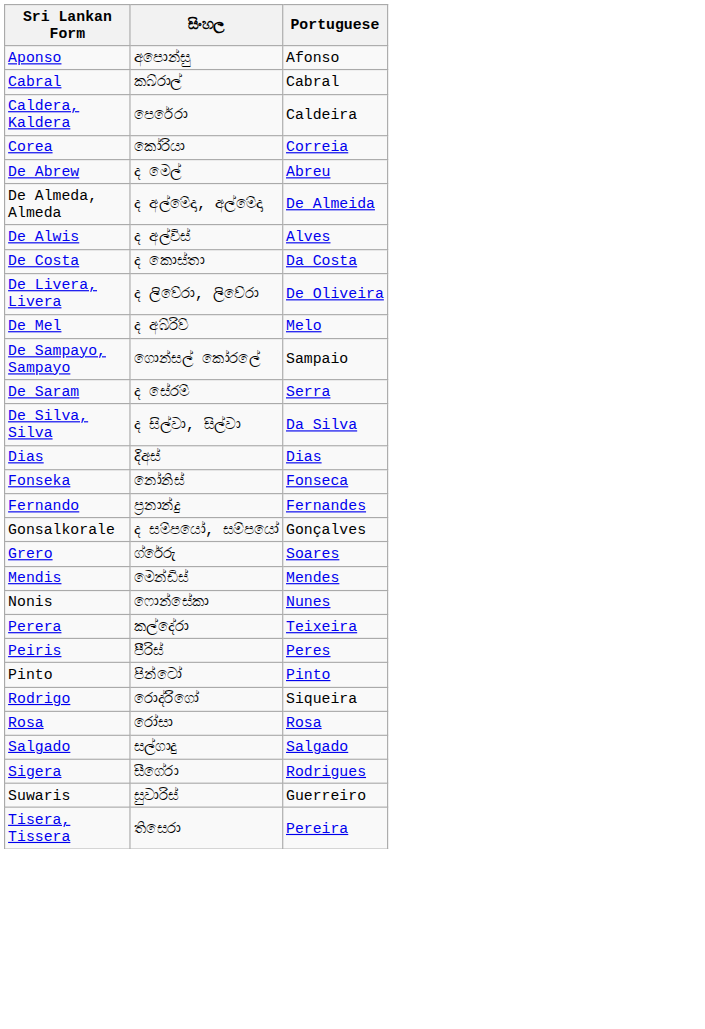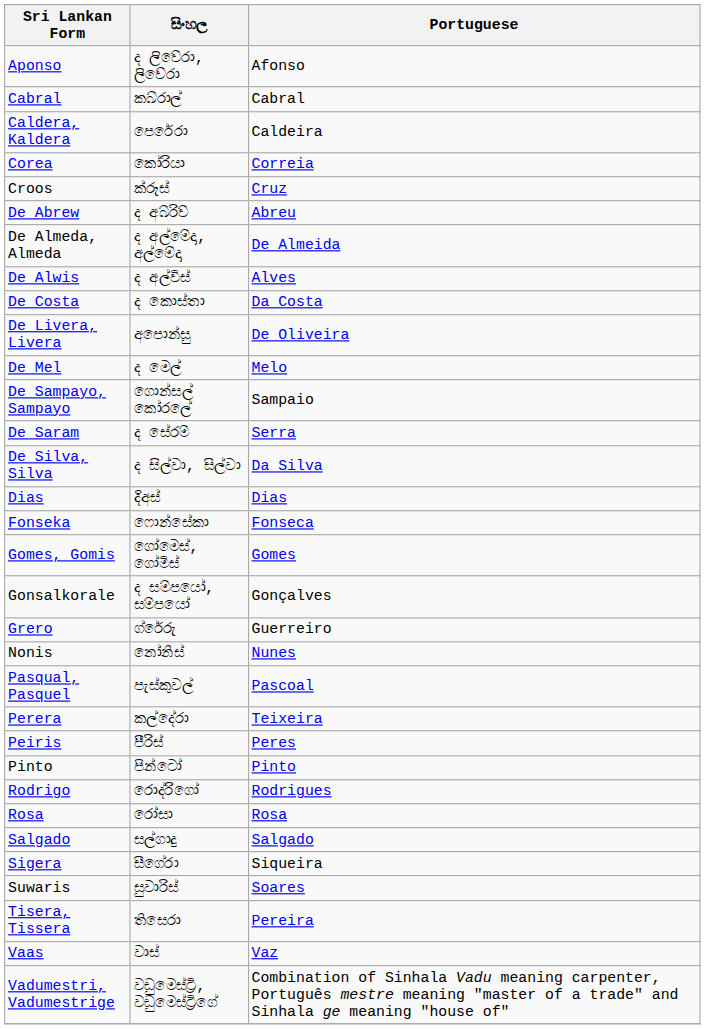 <table class="wikitable">
 <tr>
 <th>Sri Lankan Form</th>
 <th>සිංහල</th>
 <th>Portuguese</th>
 </tr>
 <tr>
 <td><a href='#'>Aponso</a></td>
-<td>අපොන්සු</td>
+<td>ද ලිවේරා, ලිවේරා</td>
 <td>Afonso</td>
 </tr>
 <tr>
 <td style="width:08em"><a href='#'>Cabral</a></td>
 <td>කබ්රාල්</td>
 <td>Cabral</td>
 </tr>
 <tr>
 <td><a href='#'>Caldera, Kaldera</a></td>
 <td>පෙරේරා</td>
 <td>Caldeira</td>
 </tr>
 <tr>
 <td><a href='#'>Corea</a></td>
 <td>කෝරියා</td>
 <td><a href='#'>Correia</a></td>
 </tr>
 <tr>
+<td>Croos</td>
+<td>ක්රූස්</td>
+<td><a href='#'>Cruz</a></td>
+</tr>
+<tr>
 <td><a href='#'>De Abrew</a></td>
-<td>ද මෙල්</td>
+<td>ද අබ්රිව්</td>
 <td><a href='#'>Abreu</a></td>
 </tr>
 <tr>
 <td>De Almeda, Almeda</td>
 <td>ද අල්මේදා, අල්මේදා</td>
 <td><a href='#'>De Almeida</a></td>
 </tr>
 <tr>
 <td><a href='#'>De Alwis</a></td>
 <td>ද අල්විස්</td>
 <td><a href='#'>Alves</a></td>
 </tr>
 <tr>
 <td><a href='#'>De Costa</a></td>
 <td>ද කොස්තා</td>
 <td><a href='#'>Da Costa</a></td>
 </tr>
 <tr>
 <td><a href='#'>De Livera, Livera</a></td>
-<td>ද ලිවේරා, ලිවේරා</td>
+<td>අපොන්සු</td>
 <td><a href='#'>De Oliveira</a></td>
 </tr>
 <tr>
 <td><a href='#'>De Mel</a></td>
-<td>ද අබ්රිව්</td>
+<td>ද මෙල්</td>
 <td><a href='#'>Melo</a></td>
 </tr>
 <tr>
 <td><a href='#'>De Sampayo, Sampayo</a></td>
 <td>ගොන්සල් කෝරලේ</td>
 <td>Sampaio</td>
 </tr>
 <tr>
 <td><a href='#'>De Saram</a></td>
 <td>ද සේරම්</td>
 <td><a href='#'>Serra</a></td>
 </tr>
 <tr>
 <td><a href='#'>De Silva, Silva</a></td>
 <td>ද සිල්වා, සිල්වා</td>
 <td><a href='#'>Da Silva</a></td>
 </tr>
 <tr>
 <td><a href='#'>Dias</a></td>
 <td>දිඅස්</td>
 <td><a href='#'>Dias</a></td>
 </tr>
 <tr>
 <td><a href='#'>Fonseka</a></td>
-<td>නෝනිස්</td>
+<td>ෆොන්සේකා</td>
 <td><a href='#'>Fonseca</a></td>
 </tr>
 <tr>
-<td><a href='#'>Fernando</a></td>
-<td>ප්‍රනාන්දු</td>
-<td><a href='#'>Fernandes</a></td>
+<td><a href='#'>Gomes, Gomis</a></td>
+<td>ගෝමෙස්, ගෝමිස්</td>
+<td><a href='#'>Gomes</a></td>
 </tr>
 <tr>
 <td>Gonsalkorale</td>
 <td>ද සම්පයෝ, සම්පයෝ</td>
 <td>Gonçalves</td>
 </tr>
 <tr>
 <td><a href='#'>Grero</a></td>
 <td>ග්රේරු</td>
-<td><a href='#'>Soares</a></td>
-</tr>
-<tr>
-<td><a href='#'>Mendis</a></td>
-<td>මෙන්ඩිස්</td>
-<td><a href='#'>Mendes</a></td>
+<td>Guerreiro</td>
 </tr>
 <tr>
 <td>Nonis</td>
-<td>ෆොන්සේකා</td>
+<td>නෝනිස්</td>
 <td><a href='#'>Nunes</a></td>
+</tr>
+<tr>
+<td><a href='#'>Pasqual, Pasquel</a></td>
+<td>පැස්කුවල්</td>
+<td><a href='#'>Pascoal</a></td>
 </tr>
 <tr>
 <td><a href='#'>Perera</a></td>
 <td>කල්දේරා</td>
 <td><a href='#'>Teixeira</a></td>
 </tr>
 <tr>
 <td><a href='#'>Peiris</a></td>
 <td>පීරිස්</td>
 <td><a href='#'>Peres</a></td>
 </tr>
 <tr>
 <td>Pinto</td>
 <td>පින්ටෝ</td>
 <td><a href='#'>Pinto</a></td>
 </tr>
 <tr>
 <td><a href='#'>Rodrigo</a></td>
 <td>රොද්රිගෝ</td>
-<td>Siqueira</td>
+<td><a href='#'>Rodrigues</a></td>
 </tr>
 <tr>
 <td><a href='#'>Rosa</a></td>
 <td>රෝසා</td>
 <td><a href='#'>Rosa</a></td>
 </tr>
 <tr>
 <td><a href='#'>Salgado</a></td>
 <td>සල්ගාදු</td>
 <td><a href='#'>Salgado</a></td>
 </tr>
 <tr>
 <td><a href='#'>Sigera</a></td>
 <td>සීගේරා</td>
-<td><a href='#'>Rodrigues</a></td>
+<td>Siqueira</td>
 </tr>
 <tr>
 <td>Suwaris</td>
 <td>සුවාරිස්</td>
-<td>Guerreiro</td>
+<td><a href='#'>Soares</a></td>
 </tr>
 <tr>
 <td><a href='#'>Tisera, Tissera</a></td>
 <td>තිසෙරා</td>
 <td><a href='#'>Pereira</a></td>
 </tr>
 <tr>
+<td><a href='#'>Vaas</a></td>
+<td>වාස්</td>
+<td><a href='#'>Vaz</a></td>
+</tr>
+<tr>
+<td><a href='#'>Vadumestri, Vadumestrige</a></td>
+<td>වඩුමෙස්ට්‍රි, වඩුමෙස්ට්‍රිගේ</td>
+<td>Combination of Sinhala <em>Vadu</em> meaning carpenter, Português <em>mestre</em> meaning "master of a trade" and Sinhala <em>ge</em> meaning "house of"</td>
+</tr>
+<tr>
 </tr>
 </table>
